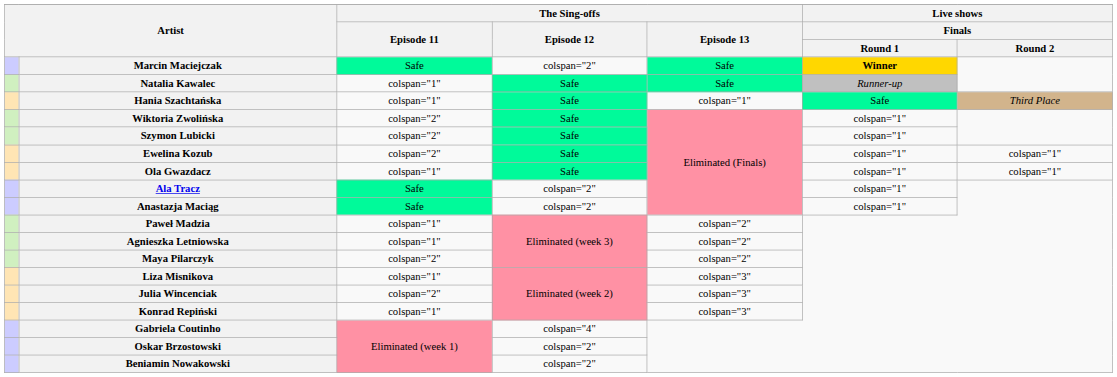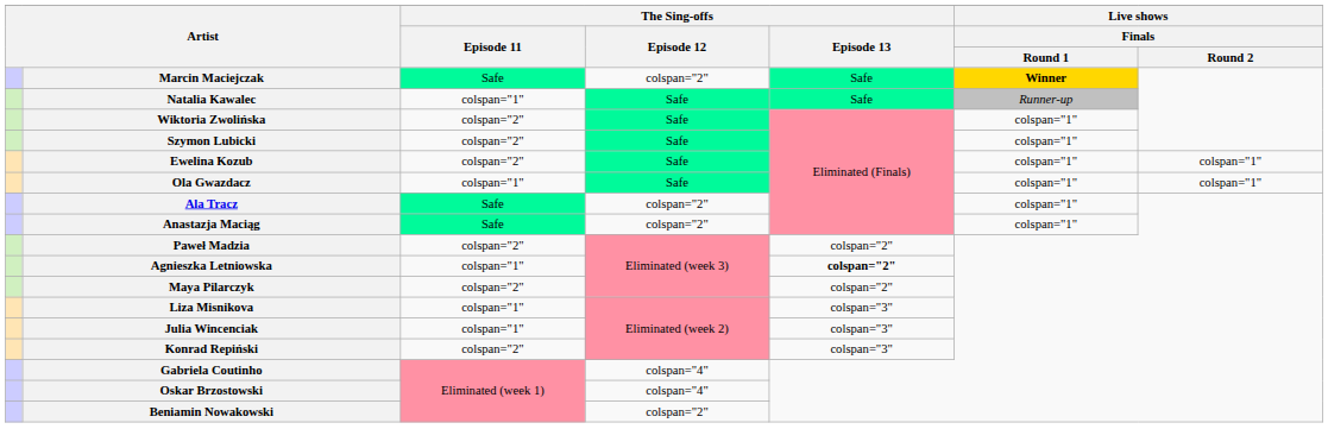 <table class="wikitable"  style="text-align:center; font-size:95%; width:100%;">
 <tr>
 </tr>
 <tr>
 <th rowspan="3" colspan="2">Artist</th>
 <th colspan="3" style="width:14%">The Sing-offs</th>
 <th colspan="2" style="width:14%">Live shows</th>
 </tr>
 <tr>
 <th rowspan="2" style="width:14%">Episode 11</th>
 <th rowspan="2" style="width:14%">Episode 12</th>
 <th rowspan="2" style="width:14%">Episode 13</th>
 <th colspan="2" style="width:14%">Finals</th>
 </tr>
 <tr>
 <th style="width:14%;">Round 1</th>
 <th style="width:14%;">Round 2</th>
 </tr>
 <tr>
 <th style="background:#ccf;"></th>
 <th style="background:#;">Marcin Maciejczak</th>
 <td style="background:#00FA9A;">Safe</td>
 <td>colspan="2" </td>
 <td style="background:#00FA9A;">Safe</td>
 <td style="background:gold;"><strong>Winner</strong></td>
 </tr>
 <tr>
 <th style="background:#d0f0c0;"></th>
 <th style="background:#;">Natalia Kawalec</th>
 <td>colspan="1" </td>
 <td style="background:#00FA9A;">Safe</td>
 <td style="background:#00FA9A;">Safe</td>
 <td style="background:silver;"><em>Runner-up</em></td>
-</tr>
-<tr>
-<th style="background:#ffe5b4;"></th>
-<th style="background:#;">Hania Szachtańska</th>
-<td>colspan="1" </td>
-<td style="background:#00FA9A;">Safe</td>
-<td>colspan="1" </td>
-<td style="background:#00FA9A;">Safe</td>
-<td style="background:tan;"><em>Third Place</em></td>
 </tr>
 <tr>
 <th style="background:#d0f0c0;"></th>
 <th style="background:#;">Wiktoria Zwolińska</th>
 <td>colspan="2" </td>
 <td style="background:#00FA9A;">Safe</td>
 <td rowspan="6" colspan="1" style="background:#FF91A4;">Eliminated (Finals)</td>
 <td>colspan="1" </td>
 </tr>
 <tr>
 <th style="background:#d0f0c0;"></th>
 <th style="background:#;">Szymon Lubicki</th>
 <td>colspan="2" </td>
 <td style="background:#00FA9A;">Safe</td>
 <td>colspan="1" </td>
 </tr>
 <tr>
 <th style="background:#ffe5b4;"></th>
 <th style="background:#;">Ewelina Kozub</th>
 <td>colspan="2" </td>
 <td style="background:#00FA9A;">Safe</td>
 <td>colspan="1" </td>
 <td>colspan="1" </td>
 </tr>
 <tr>
 <th style="background:#ffe5b4;"></th>
 <th style="background:#;">Ola Gwazdacz</th>
 <td>colspan="1" </td>
 <td style="background:#00FA9A;">Safe</td>
 <td>colspan="1" </td>
 <td>colspan="1" </td>
 </tr>
 <tr>
 <th style="background:#ccf;"></th>
 <th style="background:#;"><a href='#'>Ala Tracz</a></th>
 <td style="background:#00FA9A;">Safe</td>
 <td>colspan="2" </td>
 <td>colspan="1" </td>
 </tr>
 <tr>
 <th style="background:#ccf;"></th>
 <th style="background:#;">Anastazja Maciąg</th>
 <td style="background:#00FA9A;">Safe</td>
 <td>colspan="2" </td>
 <td>colspan="1" </td>
 </tr>
 <tr>
 <th style="background:#d0f0c0;"></th>
 <th style="background:#;">Paweł Madzia</th>
-<td>colspan="1" </td>
+<td>colspan="2" </td>
 <td rowspan="3" colspan="1" style="background:#FF91A4;">Eliminated (week 3)</td>
 <td>colspan="2" </td>
 </tr>
 <tr>
 <th style="background:#d0f0c0;"></th>
 <th style="background:#;">Agnieszka Letniowska</th>
 <td>colspan="1" </td>
-<td>colspan="2" </td>
+<td><strong>colspan="2" </strong></td>
 </tr>
 <tr>
 <th style="background:#d0f0c0;"></th>
 <th style="background:#;">Maya Pilarczyk</th>
 <td>colspan="2" </td>
 <td>colspan="2" </td>
 </tr>
 <tr>
 <th style="background:#ffe5b4;"></th>
 <th style="background:#;">Liza Misnikova</th>
 <td>colspan="1" </td>
 <td rowspan="3" colspan="1" style="background:#FF91A4;">Eliminated (week 2)</td>
 <td>colspan="3" </td>
 </tr>
 <tr>
 <th style="background:#ffe5b4;"></th>
 <th style="background:#;">Julia Wincenciak</th>
-<td>colspan="2" </td>
+<td>colspan="1" </td>
 <td>colspan="3" </td>
 </tr>
 <tr>
 <th style="background:#ffe5b4;"></th>
 <th style="background:#;">Konrad Repiński</th>
-<td>colspan="1" </td>
+<td>colspan="2" </td>
 <td>colspan="3" </td>
 </tr>
 <tr>
 <th style="background:#ccf;"></th>
 <th style="background:#;">Gabriela Coutinho</th>
 <td rowspan="3" colspan="1" style="background:#FF91A4;">Eliminated (week 1)</td>
 <td>colspan="4" </td>
 </tr>
 <tr>
 <th style="background:#ccf;"></th>
 <th style="background:#;">Oskar Brzostowski</th>
-<td>colspan="2" </td>
+<td>colspan="4" </td>
 </tr>
 <tr>
 <th style="background:#ccf;"></th>
 <th style="background:#;">Beniamin Nowakowski</th>
 <td>colspan="2" </td>
 </tr>
 </table>
